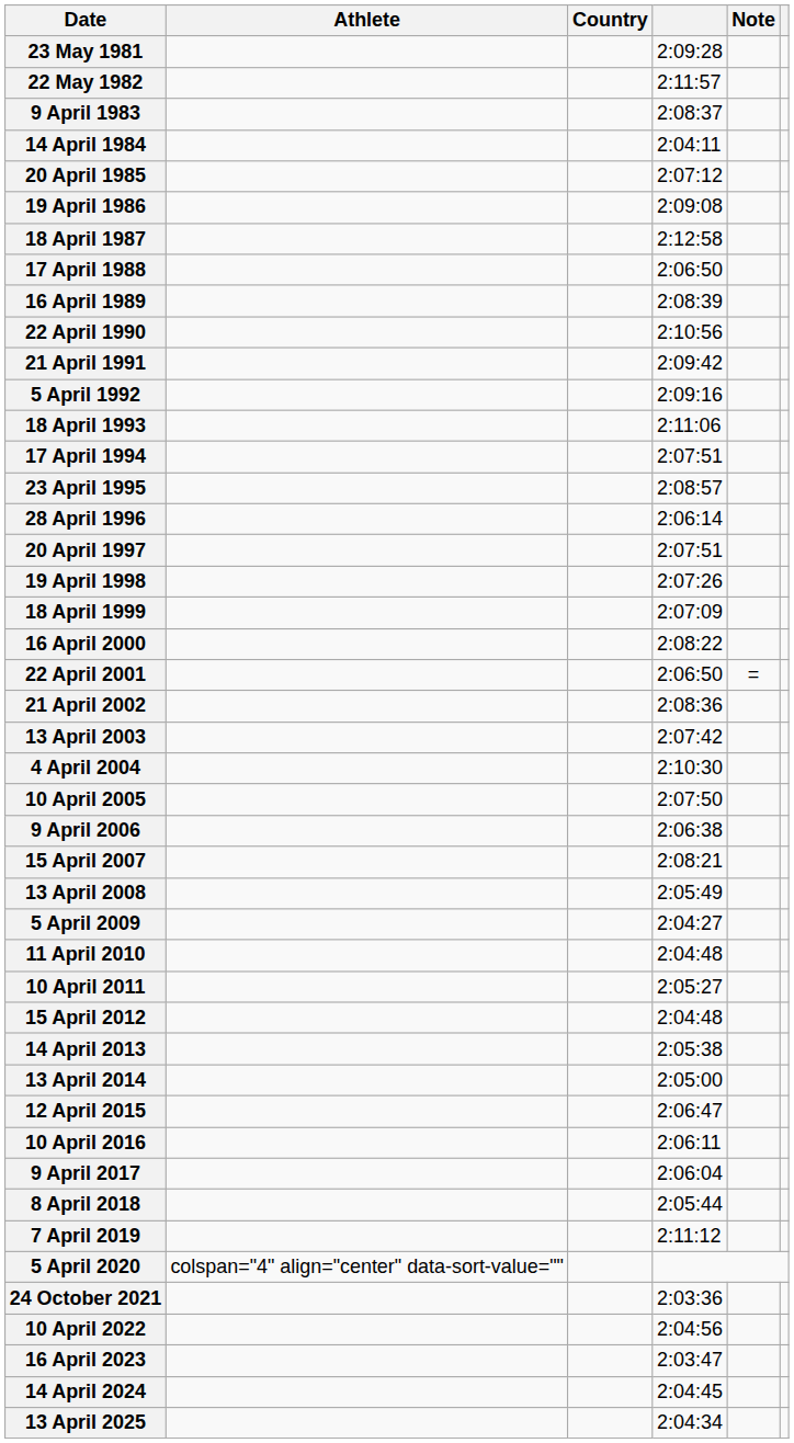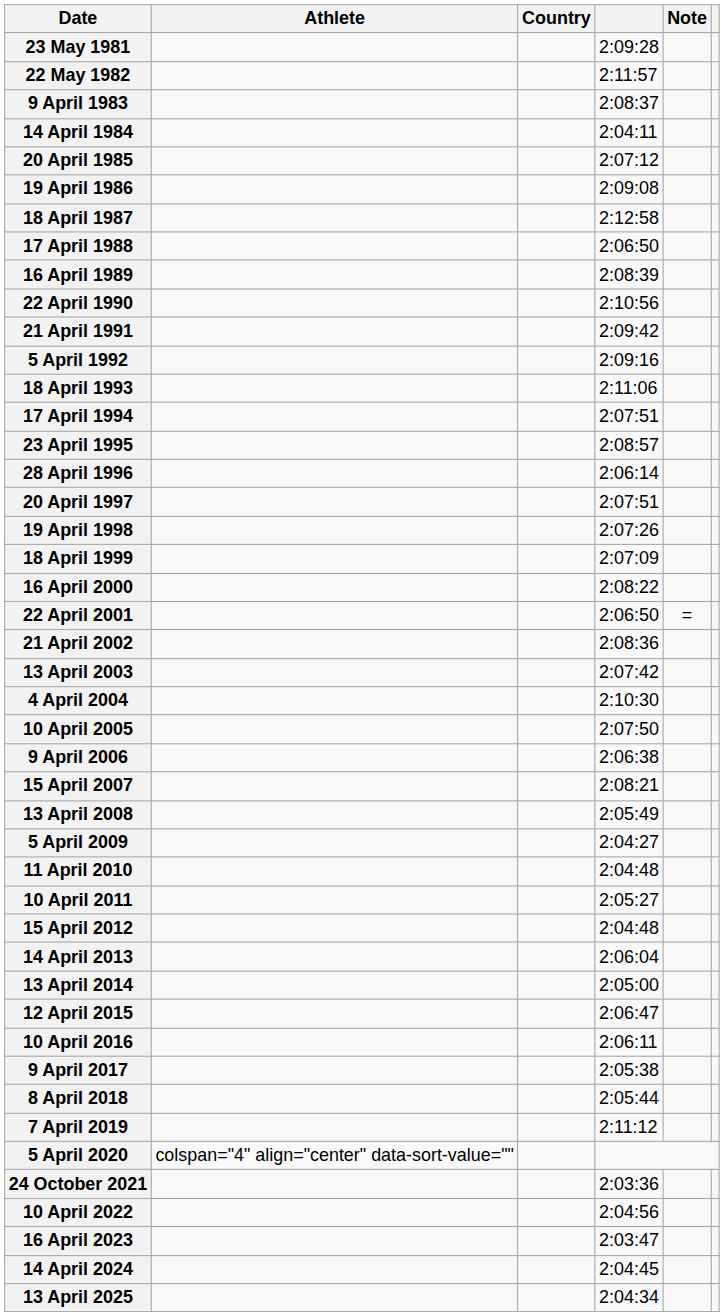 <table class="wikitable sortable plainrowheaders">
 <tr>
 <th scope="col">Date</th>
 <th scope="col">Athlete</th>
 <th scope="col">Country</th>
 <th scope="col"></th>
 <th scope="col">Note</th>
 <th scope="col" class="unsortable"></th>
 </tr>
 <tr>
 <th scope="row">23 May 1981</th>
 <td></td>
 <td></td>
 <td>2:09:28</td>
 <td style="text-align:center"><a href='#'></a></td>
 <td style="text-align:center"></td>
 </tr>
 <tr>
 <th scope="row">22 May 1982</th>
 <td></td>
 <td></td>
 <td>2:11:57</td>
 <td></td>
 <td style="text-align:center"></td>
 </tr>
 <tr>
 <th scope="row">9 April 1983</th>
 <td></td>
 <td></td>
 <td>2:08:37</td>
 <td style="text-align:center"><a href='#'></a></td>
 <td style="text-align:center"></td>
 </tr>
 <tr>
 <th scope="row">14 April 1984</th>
 <td></td>
 <td></td>
 <td>2:04:11</td>
 <td></td>
 <td style="text-align:center"></td>
 </tr>
 <tr>
 <th scope="row">20 April 1985</th>
 <td></td>
 <td></td>
 <td>2:07:12</td>
 <td style="text-align:center"></td>
 <td style="text-align:center"></td>
 </tr>
 <tr>
 <th scope="row">19 April 1986</th>
 <td></td>
 <td></td>
 <td>2:09:08</td>
 <td></td>
 <td style="text-align:center"></td>
 </tr>
 <tr>
 <th scope="row">18 April 1987</th>
 <td></td>
 <td></td>
 <td>2:12:58</td>
 <td></td>
 <td style="text-align:center"></td>
 </tr>
 <tr>
 <th scope="row">17 April 1988</th>
 <td></td>
 <td></td>
 <td>2:06:50</td>
 <td style="text-align:center"></td>
 <td style="text-align:center"></td>
 </tr>
 <tr>
 <th scope="row">16 April 1989</th>
 <td></td>
 <td></td>
 <td>2:08:39</td>
 <td></td>
 <td style="text-align:center"></td>
 </tr>
 <tr>
 <th scope="row">22 April 1990</th>
 <td></td>
 <td></td>
 <td>2:10:56</td>
 <td></td>
 <td style="text-align:center"></td>
 </tr>
 <tr>
 <th scope="row">21 April 1991</th>
 <td></td>
 <td></td>
 <td>2:09:42</td>
 <td></td>
 <td style="text-align:center"></td>
 </tr>
 <tr>
 <th scope="row">5 April 1992</th>
 <td></td>
 <td></td>
 <td>2:09:16</td>
 <td></td>
 <td style="text-align:center"></td>
 </tr>
 <tr>
 <th scope="row">18 April 1993</th>
 <td></td>
 <td></td>
 <td>2:11:06</td>
 <td></td>
 <td style="text-align:center"></td>
 </tr>
 <tr>
 <th scope="row">17 April 1994</th>
 <td></td>
 <td></td>
 <td>2:07:51</td>
 <td></td>
 <td style="text-align:center"></td>
 </tr>
 <tr>
 <th scope="row">23 April 1995</th>
 <td></td>
 <td></td>
 <td>2:08:57</td>
 <td></td>
 <td style="text-align:center"></td>
 </tr>
 <tr>
 <th scope="row">28 April 1996</th>
 <td></td>
 <td></td>
 <td>2:06:14</td>
 <td></td>
 <td style="text-align:center"></td>
 </tr>
 <tr>
 <th scope="row">20 April 1997</th>
 <td></td>
 <td></td>
 <td>2:07:51</td>
 <td></td>
 <td style="text-align:center"></td>
 </tr>
 <tr>
 <th scope="row">19 April 1998</th>
 <td></td>
 <td></td>
 <td>2:07:26</td>
 <td></td>
 <td style="text-align:center"></td>
 </tr>
 <tr>
 <th scope="row">18 April 1999</th>
 <td></td>
 <td></td>
 <td>2:07:09</td>
 <td></td>
 <td style="text-align:center"></td>
 </tr>
 <tr>
 <th scope="row">16 April 2000</th>
 <td></td>
 <td></td>
 <td>2:08:22</td>
 <td></td>
 <td style="text-align:center"></td>
 </tr>
 <tr>
 <th scope="row">22 April 2001</th>
 <td></td>
 <td></td>
 <td>2:06:50</td>
 <td style="text-align:center">=<a href='#'></a></td>
 <td style="text-align:center"></td>
 </tr>
 <tr>
 <th scope="row">21 April 2002</th>
 <td></td>
 <td></td>
 <td>2:08:36</td>
 <td></td>
 <td style="text-align:center"></td>
 </tr>
 <tr>
 <th scope="row">13 April 2003</th>
 <td></td>
 <td></td>
 <td>2:07:42</td>
 <td></td>
 <td style="text-align:center"></td>
 </tr>
 <tr>
 <th scope="row">4 April 2004</th>
 <td></td>
 <td></td>
 <td>2:10:30</td>
 <td style="text-align:center"><a href='#'></a></td>
 <td style="text-align:center"></td>
 </tr>
 <tr>
 <th scope="row">10 April 2005</th>
 <td></td>
 <td></td>
 <td>2:07:50</td>
 <td></td>
 <td style="text-align:center"></td>
 </tr>
 <tr>
 <th scope="row">9 April 2006</th>
 <td></td>
 <td></td>
 <td>2:06:38</td>
 <td></td>
 <td style="text-align:center"></td>
 </tr>
 <tr>
 <th scope="row">15 April 2007</th>
 <td></td>
 <td></td>
 <td>2:08:21</td>
 <td></td>
 <td style="text-align:center"></td>
 </tr>
 <tr>
 <th scope="row">13 April 2008</th>
 <td></td>
 <td></td>
 <td>2:05:49</td>
 <td style="text-align:center"><a href='#'></a></td>
 <td style="text-align:center"></td>
 </tr>
 <tr>
 <th scope="row">5 April 2009</th>
 <td></td>
 <td></td>
 <td>2:04:27</td>
 <td style="text-align:center"><a href='#'></a></td>
 <td style="text-align:center"></td>
 </tr>
 <tr>
 <th scope="row">11 April 2010</th>
 <td></td>
 <td></td>
 <td>2:04:48</td>
 <td></td>
 <td style="text-align:center"></td>
 </tr>
 <tr>
 <th scope="row">10 April 2011</th>
 <td></td>
 <td></td>
 <td>2:05:27</td>
 <td></td>
 <td style="text-align:center"></td>
 </tr>
 <tr>
 <th scope="row">15 April 2012</th>
 <td></td>
 <td></td>
 <td>2:04:48</td>
 <td></td>
 <td style="text-align:center"></td>
 </tr>
 <tr>
 <th scope="row">14 April 2013</th>
 <td></td>
 <td></td>
-<td>2:05:38</td>
+<td>2:06:04</td>
 <td></td>
 <td style="text-align:center"></td>
 </tr>
 <tr>
 <th scope="row">13 April 2014</th>
 <td></td>
 <td></td>
 <td>2:05:00</td>
 <td></td>
 <td style="text-align:center"></td>
 </tr>
 <tr>
 <th scope="row">12 April 2015</th>
 <td></td>
 <td></td>
 <td>2:06:47</td>
 <td></td>
 <td style="text-align:center"></td>
 </tr>
 <tr>
 <th scope="row">10 April 2016</th>
 <td></td>
 <td></td>
 <td>2:06:11</td>
 <td></td>
 <td style="text-align:center"></td>
 </tr>
 <tr>
 <th scope="row">9 April 2017</th>
 <td></td>
 <td></td>
-<td>2:06:04</td>
+<td>2:05:38</td>
 <td></td>
 <td style="text-align:center"></td>
 </tr>
 <tr>
 <th scope="row">8 April 2018</th>
 <td></td>
 <td></td>
 <td>2:05:44</td>
 <td></td>
 <td style="text-align:center"></td>
 </tr>
 <tr>
 <th scope="row">7 April 2019</th>
 <td></td>
 <td></td>
 <td>2:11:12</td>
 <td style="text-align:center"><a href='#'></a></td>
 <td style="text-align:center"></td>
 </tr>
 <tr>
 <th scope="row">5 April 2020</th>
 <td>colspan="4" align="center" data-sort-value="" </td>
 <td style="text-align:center"></td>
 </tr>
 <tr>
 <th scope="row">24 October 2021</th>
 <td></td>
 <td></td>
 <td>2:03:36</td>
 <td style="text-align:center"><a href='#'></a></td>
 <td style="text-align:center"></td>
 </tr>
 <tr>
 <th scope="row">10 April 2022</th>
 <td></td>
 <td></td>
 <td>2:04:56</td>
 <td></td>
 <td style="text-align:center"></td>
 </tr>
 <tr>
 <th scope="row">16 April 2023</th>
 <td></td>
 <td></td>
 <td>2:03:47</td>
 <td></td>
 <td style="text-align:center"></td>
 </tr>
 <tr>
 <th scope="row">14 April 2024</th>
 <td></td>
 <td></td>
 <td>2:04:45</td>
 <td></td>
 <td style="text-align:center"></td>
 </tr>
 <tr>
 <th scope="row">13 April 2025</th>
 <td></td>
 <td></td>
 <td>2:04:34</td>
 <td></td>
 <td style="text-align:center"></td>
 </tr>
 </table>
